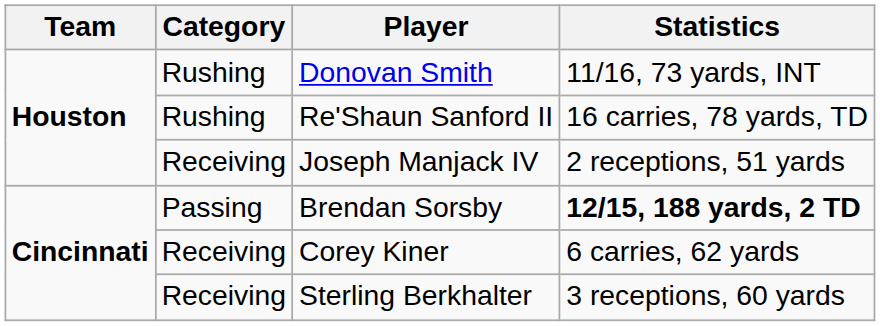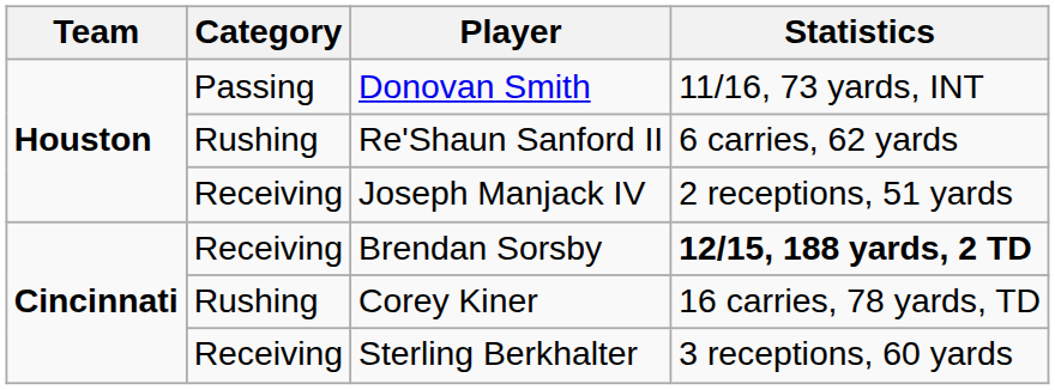 <table class="wikitable" style="float: right;">
 <tr>
 <th>Team</th>
 <th>Category</th>
 <th>Player</th>
 <th>Statistics</th>
 </tr>
 <tr>
 <td rowspan=3><strong>Houston</strong></td>
-<td>Rushing</td>
+<td>Passing</td>
 <td><a href='#'>Donovan Smith</a></td>
 <td>11/16, 73 yards, INT</td>
 </tr>
 <tr>
 <td>Rushing</td>
 <td>Re'Shaun Sanford II</td>
-<td>16 carries, 78 yards, TD</td>
+<td>6 carries, 62 yards</td>
 </tr>
 <tr>
 <td>Receiving</td>
 <td>Joseph Manjack IV</td>
 <td>2 receptions, 51 yards</td>
 </tr>
 <tr>
 <td rowspan=3><strong>Cincinnati</strong></td>
-<td>Passing</td>
+<td>Receiving</td>
 <td>Brendan Sorsby</td>
 <td><strong>12/15, 188 yards, 2 TD</strong></td>
 </tr>
 <tr>
-<td>Receiving</td>
+<td>Rushing</td>
 <td>Corey Kiner</td>
-<td>6 carries, 62 yards</td>
+<td>16 carries, 78 yards, TD</td>
 </tr>
 <tr>
 <td>Receiving</td>
 <td>Sterling Berkhalter</td>
 <td>3 receptions, 60 yards</td>
 </tr>
 </table>
